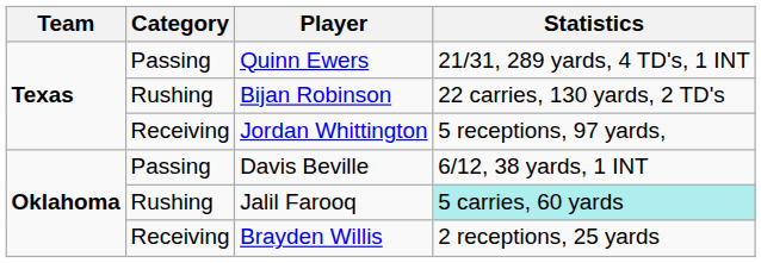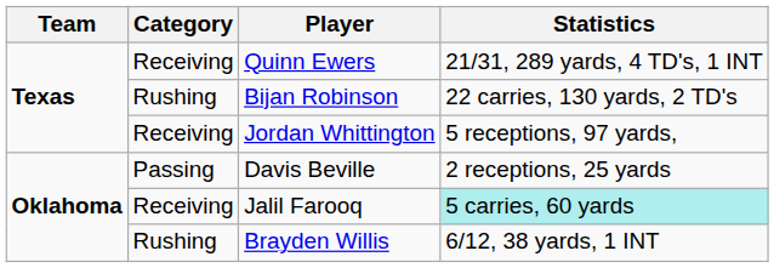 <table class="wikitable" style="float: right;">
 <tr>
 <th>Team</th>
 <th>Category</th>
 <th>Player</th>
 <th>Statistics</th>
 </tr>
 <tr>
 <td rowspan=3><strong>Texas</strong></td>
-<td>Passing</td>
+<td>Receiving</td>
 <td><a href='#'>Quinn Ewers</a></td>
 <td>21/31, 289 yards, 4 TD's, 1 INT</td>
 </tr>
 <tr>
 <td>Rushing</td>
 <td><a href='#'>Bijan Robinson</a></td>
 <td>22 carries, 130 yards, 2 TD's</td>
 </tr>
 <tr>
 <td>Receiving</td>
 <td><a href='#'>Jordan Whittington</a></td>
 <td>5 receptions, 97 yards,</td>
 </tr>
 <tr>
 <td rowspan=3><strong>Oklahoma</strong></td>
 <td>Passing</td>
 <td>Davis Beville</td>
-<td>6/12, 38 yards, 1 INT</td>
+<td>2 receptions, 25 yards</td>
 </tr>
 <tr>
-<td>Rushing</td>
+<td>Receiving</td>
 <td>Jalil Farooq</td>
 <td style="background: paleturquoise;">5 carries, 60 yards</td>
 </tr>
 <tr>
-<td>Receiving</td>
+<td>Rushing</td>
 <td><a href='#'>Brayden Willis</a></td>
-<td>2 receptions, 25 yards</td>
+<td>6/12, 38 yards, 1 INT</td>
 </tr>
 </table>
